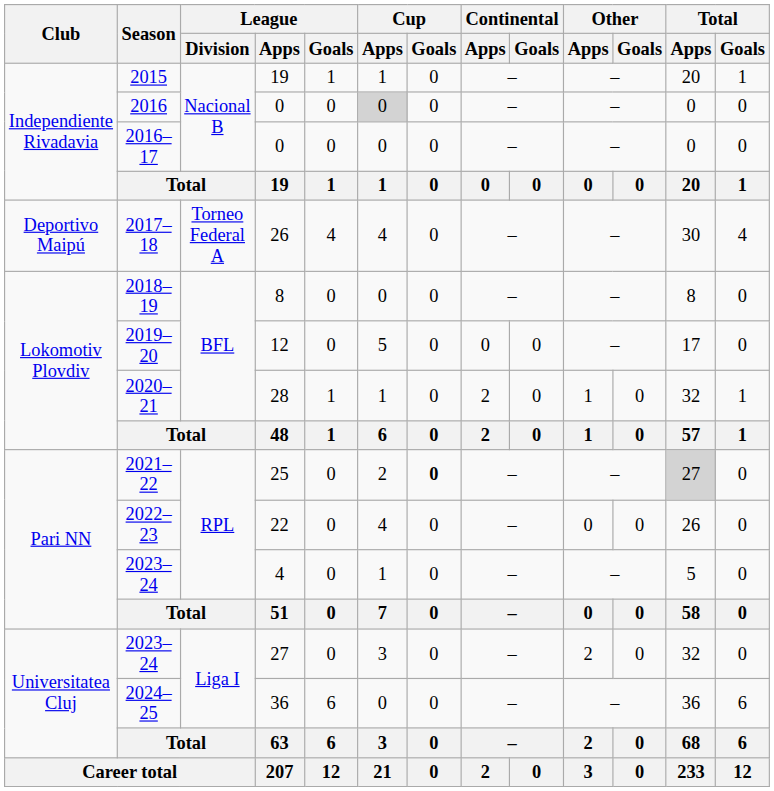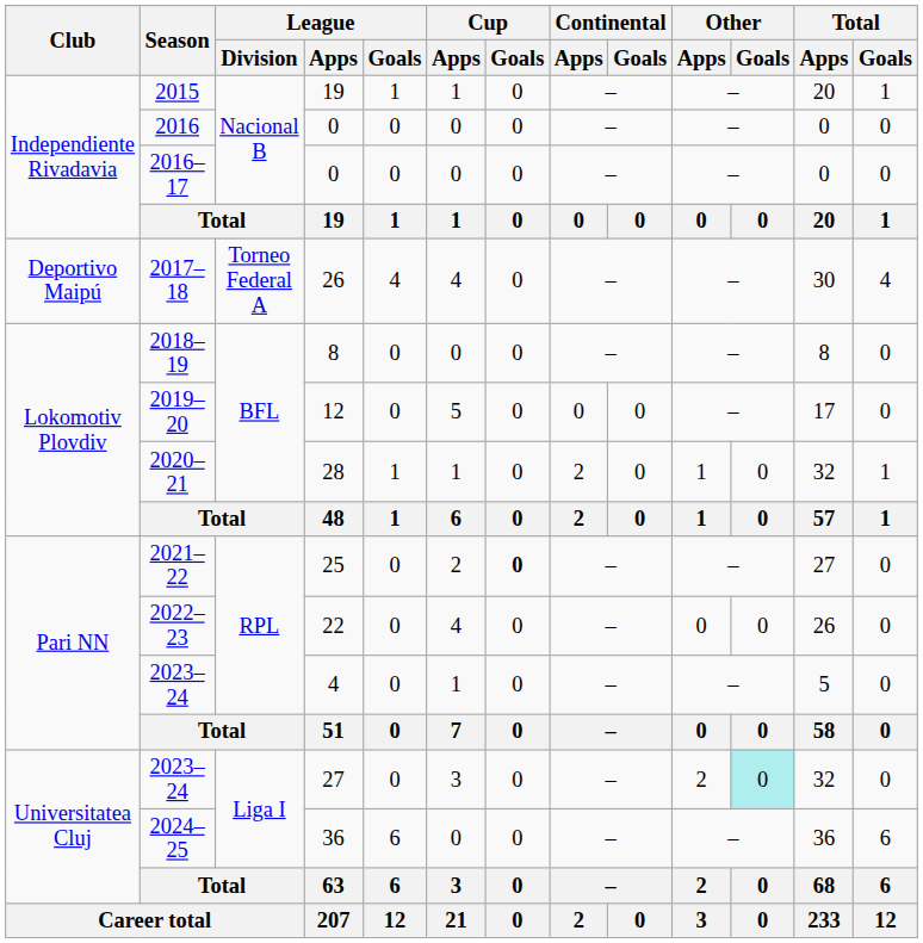 <table class="wikitable" style="text-align: center;">
 <tr>
 <th rowspan=2>Club</th>
 <th rowspan=2>Season</th>
 <th colspan=3>League</th>
 <th colspan=2>Cup</th>
 <th colspan=2>Continental</th>
 <th colspan=2>Other</th>
 <th colspan=2>Total</th>
 </tr>
 <tr>
 <th>Division</th>
 <th>Apps</th>
 <th>Goals</th>
 <th>Apps</th>
 <th>Goals</th>
 <th>Apps</th>
 <th>Goals</th>
 <th>Apps</th>
 <th>Goals</th>
 <th>Apps</th>
 <th>Goals</th>
 </tr>
 <tr>
 <td rowspan="4"><a href='#'>Independiente Rivadavia</a></td>
 <td><a href='#'>2015</a></td>
 <td rowspan="3"><a href='#'>Nacional B</a></td>
 <td>19</td>
 <td>1</td>
 <td>1</td>
 <td>0</td>
 <td colspan=2>–</td>
 <td colspan=2>–</td>
 <td>20</td>
 <td>1</td>
 </tr>
 <tr>
 <td><a href='#'>2016</a></td>
 <td>0</td>
 <td>0</td>
-<td style="background: lightgrey;">0</td>
+<td>0</td>
 <td>0</td>
 <td colspan=2>–</td>
 <td colspan=2>–</td>
 <td>0</td>
 <td>0</td>
 </tr>
 <tr>
 <td><a href='#'>2016–17</a></td>
 <td>0</td>
 <td>0</td>
 <td>0</td>
 <td>0</td>
 <td colspan=2>–</td>
 <td colspan=2>–</td>
 <td>0</td>
 <td>0</td>
 </tr>
 <tr>
 <th colspan=2>Total</th>
 <th>19</th>
 <th>1</th>
 <th>1</th>
 <th>0</th>
 <th>0</th>
 <th>0</th>
 <th>0</th>
 <th>0</th>
 <th>20</th>
 <th>1</th>
 </tr>
 <tr>
 <td><a href='#'>Deportivo Maipú</a></td>
 <td><a href='#'>2017–18</a></td>
 <td><a href='#'>Torneo Federal A</a></td>
 <td>26</td>
 <td>4</td>
 <td>4</td>
 <td>0</td>
 <td colspan=2>–</td>
 <td colspan=2>–</td>
 <td>30</td>
 <td>4</td>
 </tr>
 <tr>
 <td rowspan="4"><a href='#'>Lokomotiv Plovdiv</a></td>
 <td><a href='#'>2018–19</a></td>
 <td rowspan="3"><a href='#'>BFL</a></td>
 <td>8</td>
 <td>0</td>
 <td>0</td>
 <td>0</td>
 <td colspan=2>–</td>
 <td colspan=2>–</td>
 <td>8</td>
 <td>0</td>
 </tr>
 <tr>
 <td><a href='#'>2019–20</a></td>
 <td>12</td>
 <td>0</td>
 <td>5</td>
 <td>0</td>
 <td>0</td>
 <td>0</td>
 <td colspan=2>–</td>
 <td>17</td>
 <td>0</td>
 </tr>
 <tr>
 <td><a href='#'>2020–21</a></td>
 <td>28</td>
 <td>1</td>
 <td>1</td>
 <td>0</td>
 <td>2</td>
 <td>0</td>
 <td>1</td>
 <td>0</td>
 <td>32</td>
 <td>1</td>
 </tr>
 <tr>
 <th colspan=2>Total</th>
 <th>48</th>
 <th>1</th>
 <th>6</th>
 <th>0</th>
 <th>2</th>
 <th>0</th>
 <th>1</th>
 <th>0</th>
 <th>57</th>
 <th>1</th>
 </tr>
 <tr>
 <td rowspan="4"><a href='#'>Pari NN</a></td>
 <td><a href='#'>2021–22</a></td>
 <td rowspan="3"><a href='#'>RPL</a></td>
 <td>25</td>
 <td>0</td>
 <td>2</td>
 <td><strong>0</strong></td>
 <td colspan=2>–</td>
 <td colspan=2>–</td>
-<td style="background: lightgrey;">27</td>
+<td>27</td>
 <td>0</td>
 </tr>
 <tr>
 <td><a href='#'>2022–23</a></td>
 <td>22</td>
 <td>0</td>
 <td>4</td>
 <td>0</td>
 <td colspan=2>–</td>
 <td>0</td>
 <td>0</td>
 <td>26</td>
 <td>0</td>
 </tr>
 <tr>
 <td><a href='#'>2023–24</a></td>
 <td>4</td>
 <td>0</td>
 <td>1</td>
 <td>0</td>
 <td colspan=2>–</td>
 <td colspan=2>–</td>
 <td>5</td>
 <td>0</td>
 </tr>
 <tr>
 <th colspan=2>Total</th>
 <th>51</th>
 <th>0</th>
 <th>7</th>
 <th>0</th>
 <th colspan=2>–</th>
 <th>0</th>
 <th>0</th>
 <th>58</th>
 <th>0</th>
 </tr>
 <tr>
 <td rowspan="3"><a href='#'>Universitatea Cluj</a></td>
 <td><a href='#'>2023–24</a></td>
 <td rowspan="2"><a href='#'>Liga I</a></td>
 <td>27</td>
 <td>0</td>
 <td>3</td>
 <td>0</td>
 <td colspan=2>–</td>
 <td>2</td>
-<td>0</td>
+<td style="background: paleturquoise;">0</td>
 <td>32</td>
 <td>0</td>
 </tr>
 <tr>
 <td><a href='#'>2024–25</a></td>
 <td>36</td>
 <td>6</td>
 <td>0</td>
 <td>0</td>
 <td colspan=2>–</td>
 <td colspan=2>–</td>
 <td>36</td>
 <td>6</td>
 </tr>
 <tr>
 <th colspan=2>Total</th>
 <th>63</th>
 <th>6</th>
 <th>3</th>
 <th>0</th>
 <th colspan=2>–</th>
 <th>2</th>
 <th>0</th>
 <th>68</th>
 <th>6</th>
 </tr>
 <tr>
 <th colspan=3>Career total</th>
 <th>207</th>
 <th>12</th>
 <th>21</th>
 <th>0</th>
 <th>2</th>
 <th>0</th>
 <th>3</th>
 <th>0</th>
 <th>233</th>
 <th>12</th>
 </tr>
 </table>
